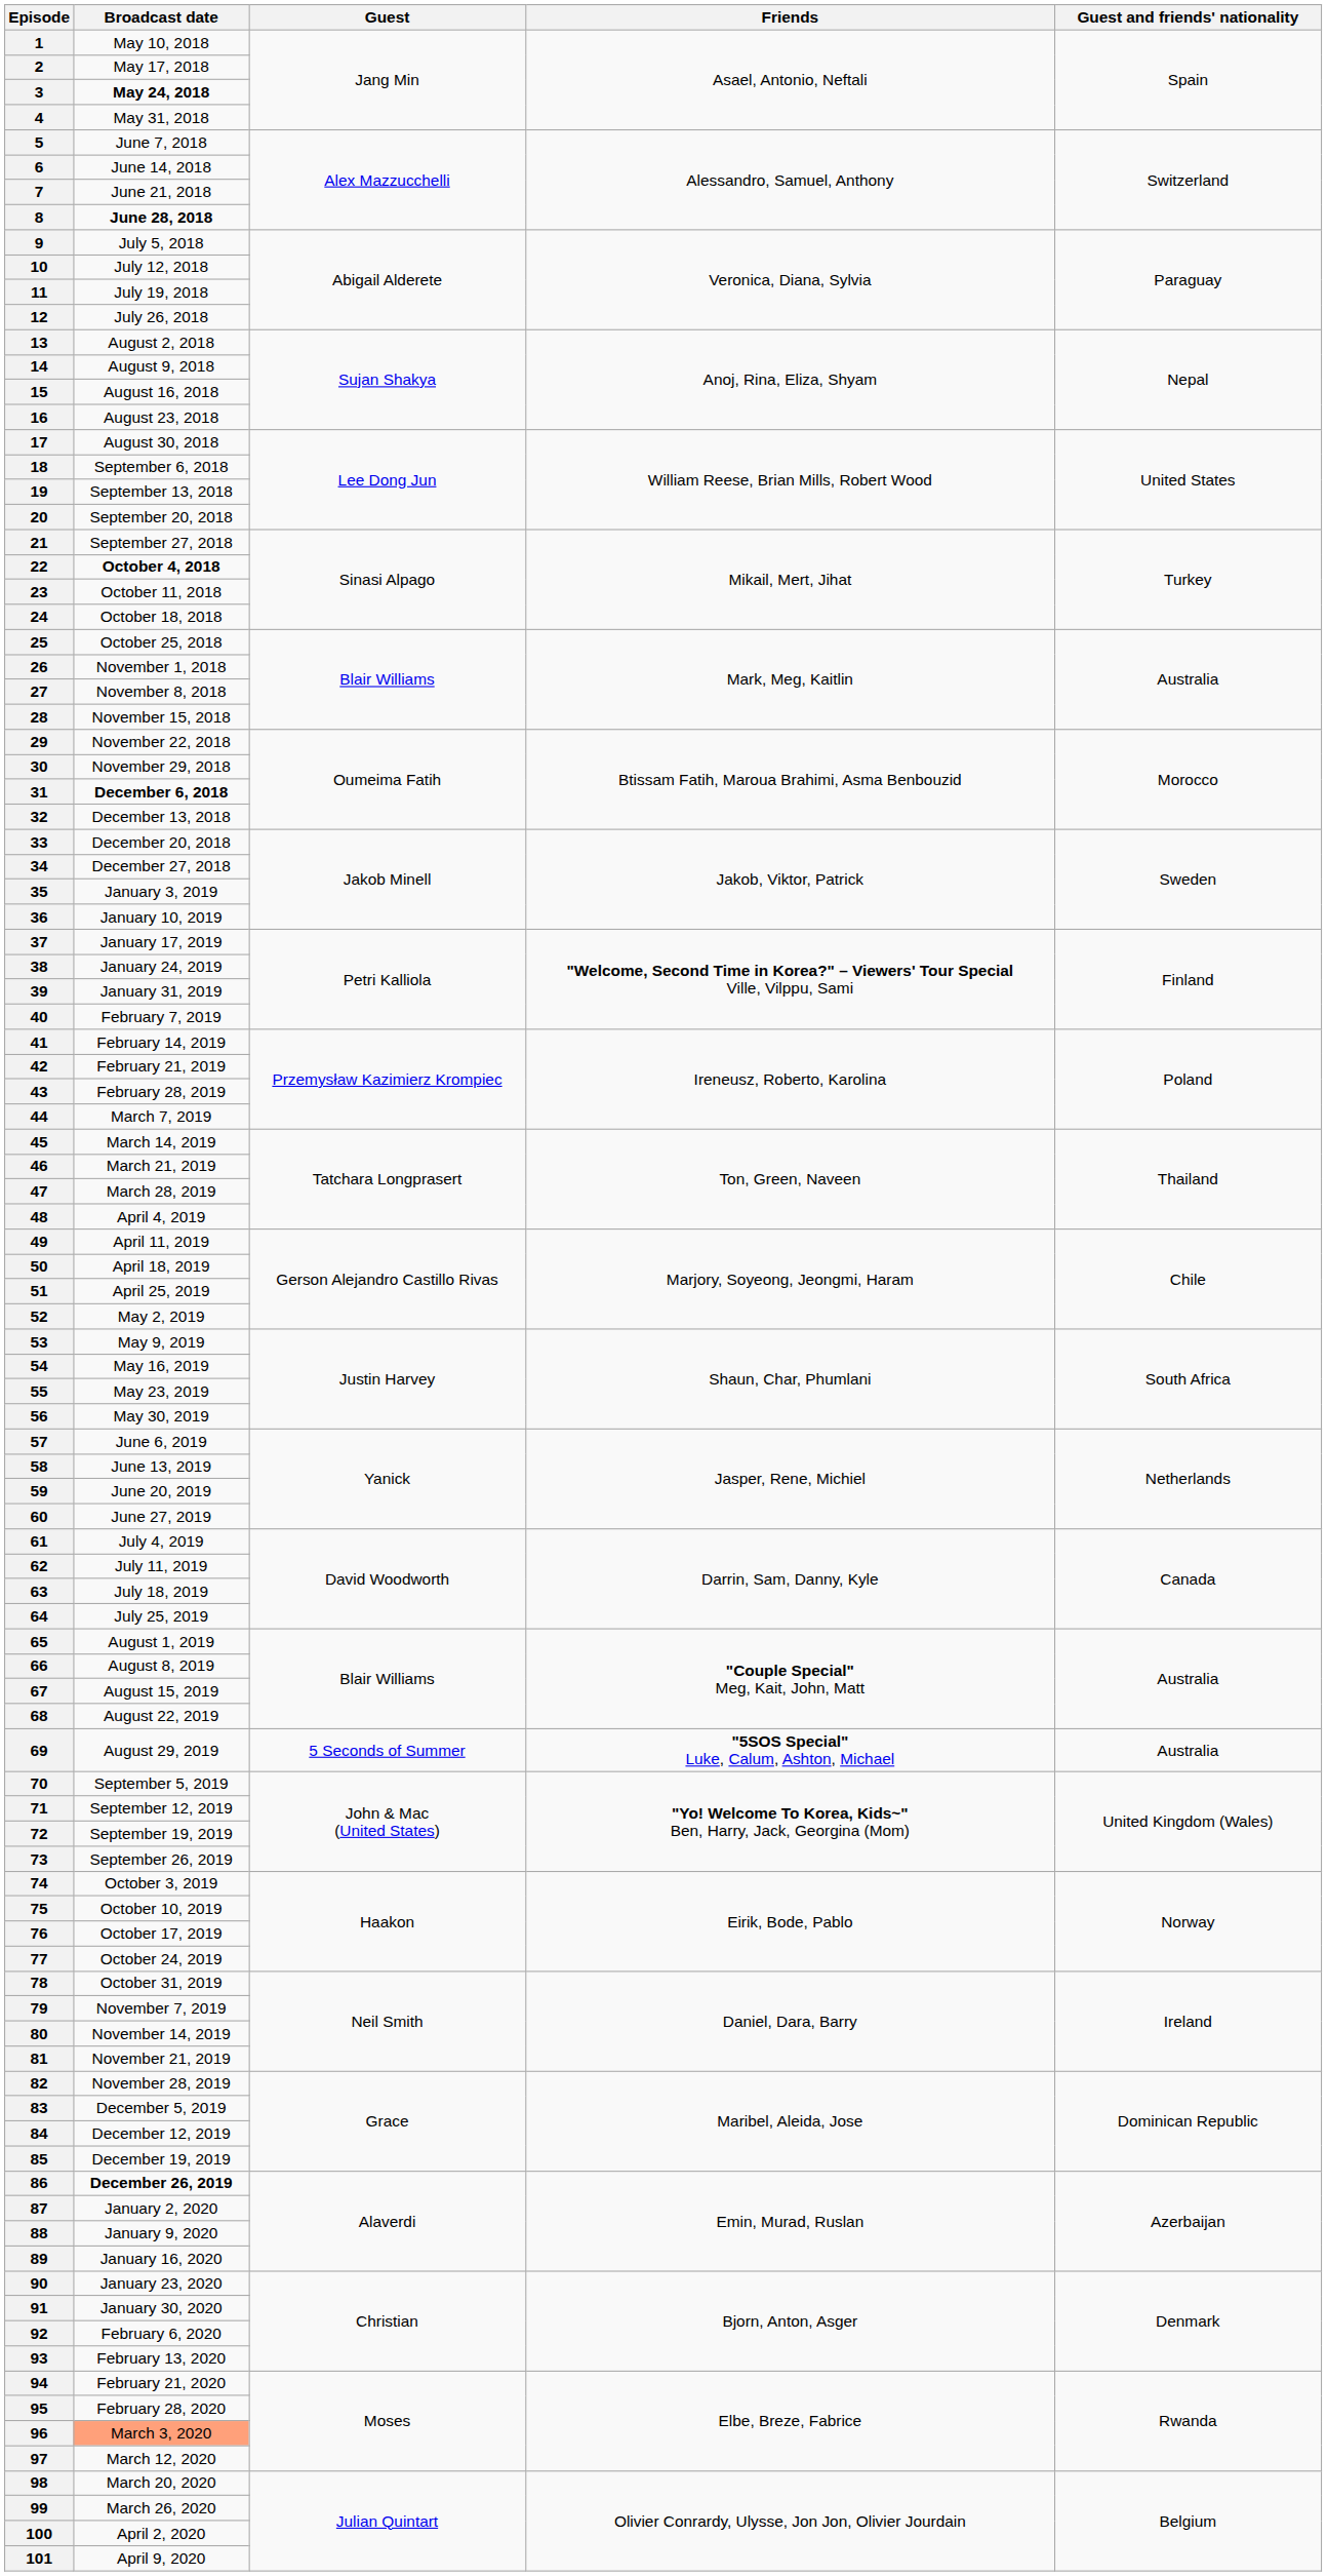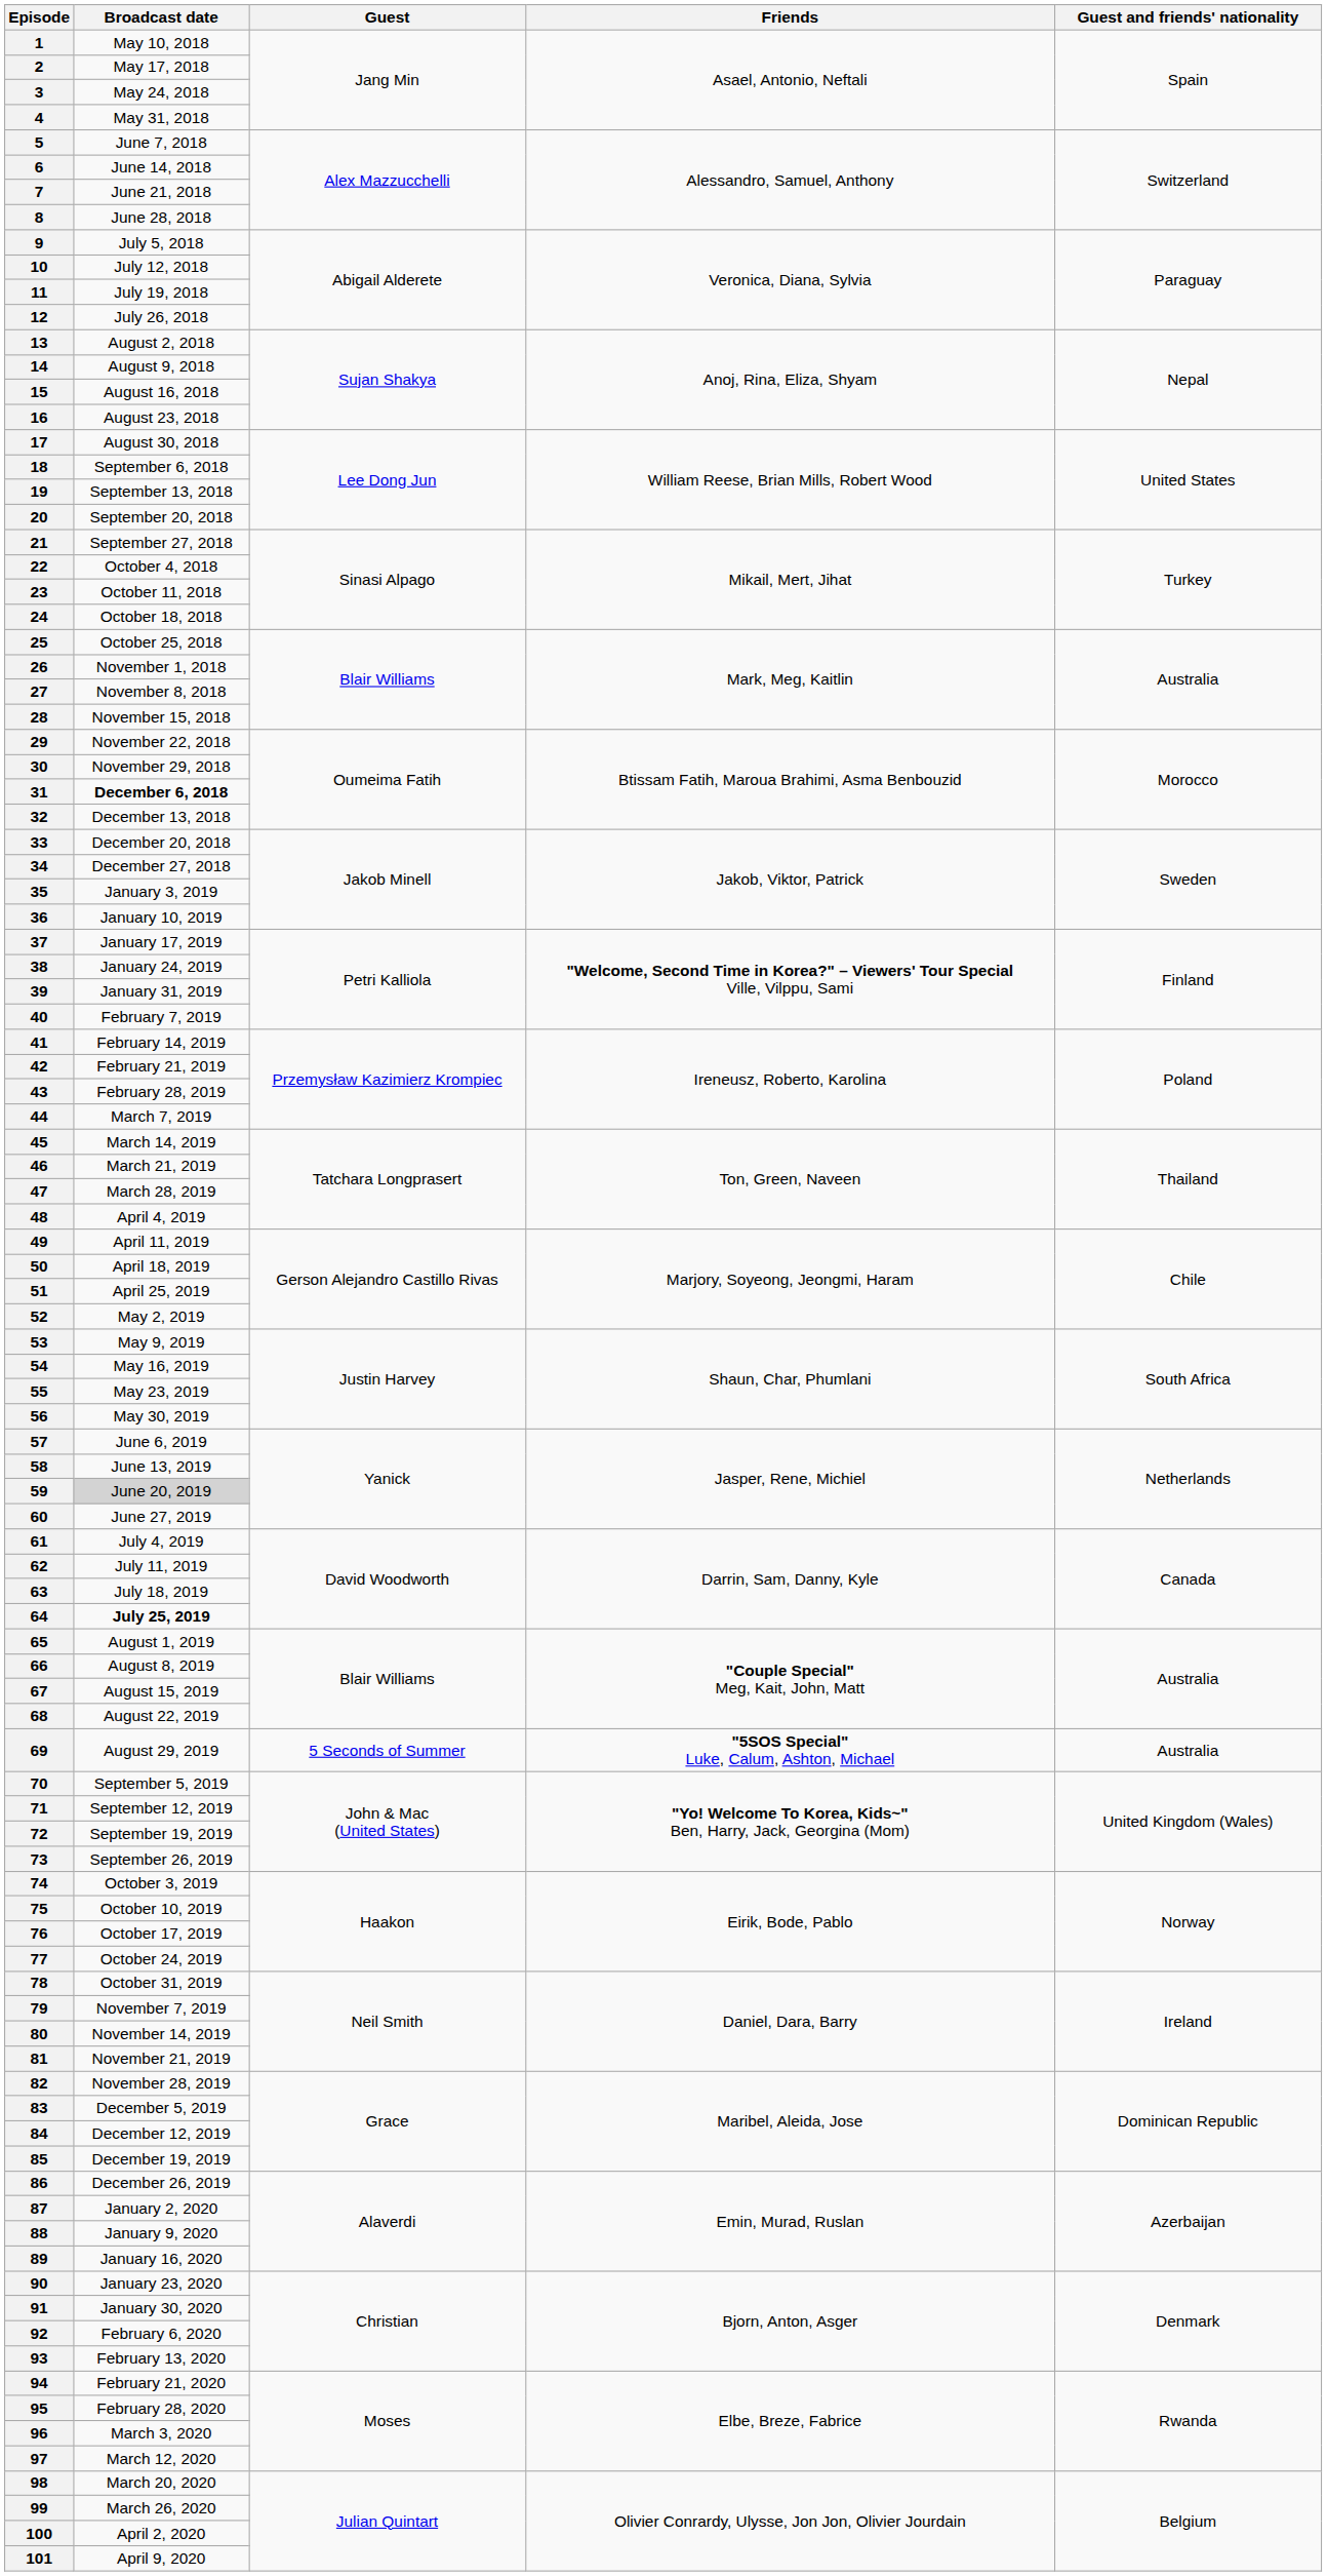 <table class="wikitable mw-collapsible" style="text-align:center; font-size:90%; width:95%;">
 <tr>
 <th width="1%">Episode</th>
 <th>Broadcast date</th>
 <th>Guest</th>
 <th>Friends</th>
 <th>Guest and friends' nationality</th>
 </tr>
 <tr>
 <th>1</th>
 <td>May 10, 2018</td>
 <td rowspan="4">Jang Min</td>
 <td rowspan="4">Asael, Antonio, Neftali</td>
 <td rowspan="4">Spain</td>
 </tr>
 <tr>
 <th>2</th>
 <td>May 17, 2018</td>
 </tr>
 <tr>
 <th>3</th>
-<td><strong>May 24, 2018</strong></td>
+<td>May 24, 2018</td>
 </tr>
 <tr>
 <th>4</th>
 <td>May 31, 2018</td>
 </tr>
 <tr>
 <th>5</th>
 <td>June 7, 2018</td>
 <td rowspan="4"><a href='#'>Alex Mazzucchelli</a></td>
 <td rowspan="4">Alessandro, Samuel, Anthony</td>
 <td rowspan="4">Switzerland</td>
 </tr>
 <tr>
 <th>6</th>
 <td>June 14, 2018</td>
 </tr>
 <tr>
 <th>7</th>
 <td>June 21, 2018</td>
 </tr>
 <tr>
 <th>8</th>
-<td><strong>June 28, 2018</strong></td>
+<td>June 28, 2018</td>
 </tr>
 <tr>
 <th>9</th>
 <td>July 5, 2018</td>
 <td rowspan="4">Abigail Alderete</td>
 <td rowspan="4">Veronica, Diana, Sylvia</td>
 <td rowspan="4">Paraguay</td>
 </tr>
 <tr>
 <th>10</th>
 <td>July 12, 2018</td>
 </tr>
 <tr>
 <th>11</th>
 <td>July 19, 2018</td>
 </tr>
 <tr>
 <th>12</th>
 <td>July 26, 2018</td>
 </tr>
 <tr>
 <th>13</th>
 <td>August 2, 2018</td>
 <td rowspan="4"><a href='#'>Sujan Shakya</a></td>
 <td rowspan="4">Anoj, Rina, Eliza, Shyam</td>
 <td rowspan="4">Nepal</td>
 </tr>
 <tr>
 <th>14</th>
 <td>August 9, 2018</td>
 </tr>
 <tr>
 <th>15</th>
 <td>August 16, 2018</td>
 </tr>
 <tr>
 <th>16</th>
 <td>August 23, 2018</td>
 </tr>
 <tr>
 <th>17</th>
 <td>August 30, 2018</td>
 <td rowspan="4"><a href='#'>Lee Dong Jun</a></td>
 <td rowspan="4">William Reese, Brian Mills, Robert Wood</td>
 <td rowspan="4">United States</td>
 </tr>
 <tr>
 <th>18</th>
 <td>September 6, 2018</td>
 </tr>
 <tr>
 <th>19</th>
 <td>September 13, 2018</td>
 </tr>
 <tr>
 <th>20</th>
 <td>September 20, 2018</td>
 </tr>
 <tr>
 <th>21</th>
 <td>September 27, 2018</td>
 <td rowspan="4">Sinasi Alpago</td>
 <td rowspan="4">Mikail, Mert, Jihat</td>
 <td rowspan="4">Turkey</td>
 </tr>
 <tr>
 <th>22</th>
-<td><strong>October 4, 2018</strong></td>
+<td>October 4, 2018</td>
 </tr>
 <tr>
 <th>23</th>
 <td>October 11, 2018</td>
 </tr>
 <tr>
 <th>24</th>
 <td>October 18, 2018</td>
 </tr>
 <tr>
 <th>25</th>
 <td>October 25, 2018</td>
 <td rowspan="4"><a href='#'>Blair Williams</a></td>
 <td rowspan="4">Mark, Meg, Kaitlin</td>
 <td rowspan="4">Australia</td>
 </tr>
 <tr>
 <th>26</th>
 <td>November 1, 2018</td>
 </tr>
 <tr>
 <th>27</th>
 <td>November 8, 2018</td>
 </tr>
 <tr>
 <th>28</th>
 <td>November 15, 2018</td>
 </tr>
 <tr>
 <th>29</th>
 <td>November 22, 2018</td>
 <td rowspan="4">Oumeima Fatih</td>
 <td rowspan="4">Btissam Fatih, Maroua Brahimi, Asma Benbouzid</td>
 <td rowspan="4">Morocco</td>
 </tr>
 <tr>
 <th>30</th>
 <td>November 29, 2018</td>
 </tr>
 <tr>
 <th>31</th>
 <td><strong>December 6, 2018</strong></td>
 </tr>
 <tr>
 <th>32</th>
 <td>December 13, 2018</td>
 </tr>
 <tr>
 <th>33</th>
 <td>December 20, 2018</td>
 <td rowspan="4">Jakob Minell</td>
 <td rowspan="4">Jakob, Viktor, Patrick</td>
 <td rowspan="4">Sweden</td>
 </tr>
 <tr>
 <th>34</th>
 <td>December 27, 2018</td>
 </tr>
 <tr>
 <th>35</th>
 <td>January 3, 2019</td>
 </tr>
 <tr>
 <th>36</th>
 <td>January 10, 2019</td>
 </tr>
 <tr>
 <th>37</th>
 <td>January 17, 2019</td>
 <td rowspan="4">Petri Kalliola</td>
 <td rowspan="4"><strong>"Welcome, Second Time in Korea?" – Viewers' Tour Special</strong><br>Ville, Vilppu, Sami</td>
 <td rowspan="4">Finland</td>
 </tr>
 <tr>
 <th>38</th>
 <td>January 24, 2019</td>
 </tr>
 <tr>
 <th>39</th>
 <td>January 31, 2019</td>
 </tr>
 <tr>
 <th>40</th>
 <td>February 7, 2019</td>
 </tr>
 <tr>
 <th>41</th>
 <td>February 14, 2019</td>
 <td rowspan="4"><a href='#'>Przemysław Kazimierz Krompiec</a></td>
 <td rowspan="4">Ireneusz, Roberto, Karolina</td>
 <td rowspan="4">Poland</td>
 </tr>
 <tr>
 <th>42</th>
 <td>February 21, 2019</td>
 </tr>
 <tr>
 <th>43</th>
 <td>February 28, 2019</td>
 </tr>
 <tr>
 <th>44</th>
 <td>March 7, 2019</td>
 </tr>
 <tr>
 <th>45</th>
 <td>March 14, 2019</td>
 <td rowspan="4">Tatchara Longprasert</td>
 <td rowspan="4">Ton, Green, Naveen</td>
 <td rowspan="4">Thailand</td>
 </tr>
 <tr>
 <th>46</th>
 <td>March 21, 2019</td>
 </tr>
 <tr>
 <th>47</th>
 <td>March 28, 2019</td>
 </tr>
 <tr>
 <th>48</th>
 <td>April 4, 2019</td>
 </tr>
 <tr>
 <th>49</th>
 <td>April 11, 2019</td>
 <td rowspan="4">Gerson Alejandro Castillo Rivas</td>
 <td rowspan="4">Marjory, Soyeong, Jeongmi, Haram</td>
 <td rowspan="4">Chile</td>
 </tr>
 <tr>
 <th>50</th>
 <td>April 18, 2019</td>
 </tr>
 <tr>
 <th>51</th>
 <td>April 25, 2019</td>
 </tr>
 <tr>
 <th>52</th>
 <td>May 2, 2019</td>
 </tr>
 <tr>
 <th>53</th>
 <td>May 9, 2019</td>
 <td rowspan="4">Justin Harvey</td>
 <td rowspan="4">Shaun, Char, Phumlani</td>
 <td rowspan="4">South Africa</td>
 </tr>
 <tr>
 <th>54</th>
 <td>May 16, 2019</td>
 </tr>
 <tr>
 <th>55</th>
 <td>May 23, 2019</td>
 </tr>
 <tr>
 <th>56</th>
 <td>May 30, 2019</td>
 </tr>
 <tr>
 <th>57</th>
 <td>June 6, 2019</td>
 <td rowspan="4">Yanick</td>
 <td rowspan="4">Jasper, Rene, Michiel</td>
 <td rowspan="4">Netherlands</td>
 </tr>
 <tr>
 <th>58</th>
 <td>June 13, 2019</td>
 </tr>
 <tr>
 <th>59</th>
-<td>June 20, 2019</td>
+<td style="background: lightgrey;">June 20, 2019</td>
 </tr>
 <tr>
 <th>60</th>
 <td>June 27, 2019</td>
 </tr>
 <tr>
 <th>61</th>
 <td>July 4, 2019</td>
 <td rowspan="4">David Woodworth</td>
 <td rowspan="4">Darrin, Sam, Danny, Kyle</td>
 <td rowspan="4">Canada</td>
 </tr>
 <tr>
 <th>62</th>
 <td>July 11, 2019</td>
 </tr>
 <tr>
 <th>63</th>
 <td>July 18, 2019</td>
 </tr>
 <tr>
 <th>64</th>
-<td>July 25, 2019</td>
+<td><strong>July 25, 2019</strong></td>
 </tr>
 <tr>
 <th>65</th>
 <td>August 1, 2019</td>
 <td rowspan="4">Blair Williams</td>
 <td rowspan="4"><strong>"Couple Special"</strong><br>Meg, Kait, John, Matt</td>
 <td rowspan="4">Australia</td>
 </tr>
 <tr>
 <th>66</th>
 <td>August 8, 2019</td>
 </tr>
 <tr>
 <th>67</th>
 <td>August 15, 2019</td>
 </tr>
 <tr>
 <th>68</th>
 <td>August 22, 2019</td>
 </tr>
 <tr>
 <th>69</th>
 <td>August 29, 2019</td>
 <td><a href='#'>5 Seconds of Summer</a></td>
 <td><strong>"5SOS Special"</strong><br><a href='#'>Luke</a>, <a href='#'>Calum</a>, <a href='#'>Ashton</a>, <a href='#'>Michael</a></td>
 <td>Australia</td>
 </tr>
 <tr>
 <th>70</th>
 <td>September 5, 2019</td>
 <td rowspan="4">John & Mac<br>(<a href='#'>United States</a>)</td>
 <td rowspan="4"><strong>"Yo! Welcome To Korea, Kids~"</strong><br>Ben, Harry, Jack, Georgina (Mom)</td>
 <td rowspan="4">United Kingdom (Wales)</td>
 </tr>
 <tr>
 <th>71</th>
 <td>September 12, 2019</td>
 </tr>
 <tr>
 <th>72</th>
 <td>September 19, 2019</td>
 </tr>
 <tr>
 <th>73</th>
 <td>September 26, 2019</td>
 </tr>
 <tr>
 <th>74</th>
 <td>October 3, 2019</td>
 <td rowspan="4">Haakon</td>
 <td rowspan="4">Eirik, Bode, Pablo</td>
 <td rowspan="4">Norway</td>
 </tr>
 <tr>
 <th>75</th>
 <td>October 10, 2019</td>
 </tr>
 <tr>
 <th>76</th>
 <td>October 17, 2019</td>
 </tr>
 <tr>
 <th>77</th>
 <td>October 24, 2019</td>
 </tr>
 <tr>
 <th>78</th>
 <td>October 31, 2019</td>
 <td rowspan="4">Neil Smith</td>
 <td rowspan="4">Daniel, Dara, Barry</td>
 <td rowspan="4">Ireland</td>
 </tr>
 <tr>
 <th>79</th>
 <td>November 7, 2019</td>
 </tr>
 <tr>
 <th>80</th>
 <td>November 14, 2019</td>
 </tr>
 <tr>
 <th>81</th>
 <td>November 21, 2019</td>
 </tr>
 <tr>
 <th>82</th>
 <td>November 28, 2019</td>
 <td rowspan="4">Grace</td>
 <td rowspan="4">Maribel, Aleida, Jose</td>
 <td rowspan="4">Dominican Republic</td>
 </tr>
 <tr>
 <th>83</th>
 <td>December 5, 2019</td>
 </tr>
 <tr>
 <th>84</th>
 <td>December 12, 2019</td>
 </tr>
 <tr>
 <th>85</th>
 <td>December 19, 2019</td>
 </tr>
 <tr>
 <th>86</th>
-<td><strong>December 26, 2019</strong></td>
+<td>December 26, 2019</td>
 <td rowspan="4">Alaverdi</td>
 <td rowspan="4">Emin, Murad, Ruslan</td>
 <td rowspan="4">Azerbaijan</td>
 </tr>
 <tr>
 <th>87</th>
 <td>January 2, 2020</td>
 </tr>
 <tr>
 <th>88</th>
 <td>January 9, 2020</td>
 </tr>
 <tr>
 <th>89</th>
 <td>January 16, 2020</td>
 </tr>
 <tr>
 <th>90</th>
 <td>January 23, 2020</td>
 <td rowspan="4">Christian</td>
 <td rowspan="4">Bjorn, Anton, Asger</td>
 <td rowspan="4">Denmark</td>
 </tr>
 <tr>
 <th>91</th>
 <td>January 30, 2020</td>
 </tr>
 <tr>
 <th>92</th>
 <td>February 6, 2020</td>
 </tr>
 <tr>
 <th>93</th>
 <td>February 13, 2020</td>
 </tr>
 <tr>
 <th>94</th>
 <td>February 21, 2020</td>
 <td rowspan="4">Moses</td>
 <td rowspan="4">Elbe, Breze, Fabrice</td>
 <td rowspan="4">Rwanda</td>
 </tr>
 <tr>
 <th>95</th>
 <td>February 28, 2020</td>
 </tr>
 <tr>
 <th>96</th>
-<td style="background: lightsalmon;">March 3, 2020</td>
+<td>March 3, 2020</td>
 </tr>
 <tr>
 <th>97</th>
 <td>March 12, 2020</td>
 </tr>
 <tr>
 <th>98</th>
 <td>March 20, 2020</td>
 <td rowspan="4"><a href='#'>Julian Quintart</a></td>
 <td rowspan="4">Olivier Conrardy, Ulysse, Jon Jon, Olivier Jourdain</td>
 <td rowspan="4">Belgium</td>
 </tr>
 <tr>
 <th>99</th>
 <td>March 26, 2020</td>
 </tr>
 <tr>
 <th>100</th>
 <td>April 2, 2020</td>
 </tr>
 <tr>
 <th>101</th>
 <td>April 9, 2020</td>
 </tr>
 </table>
